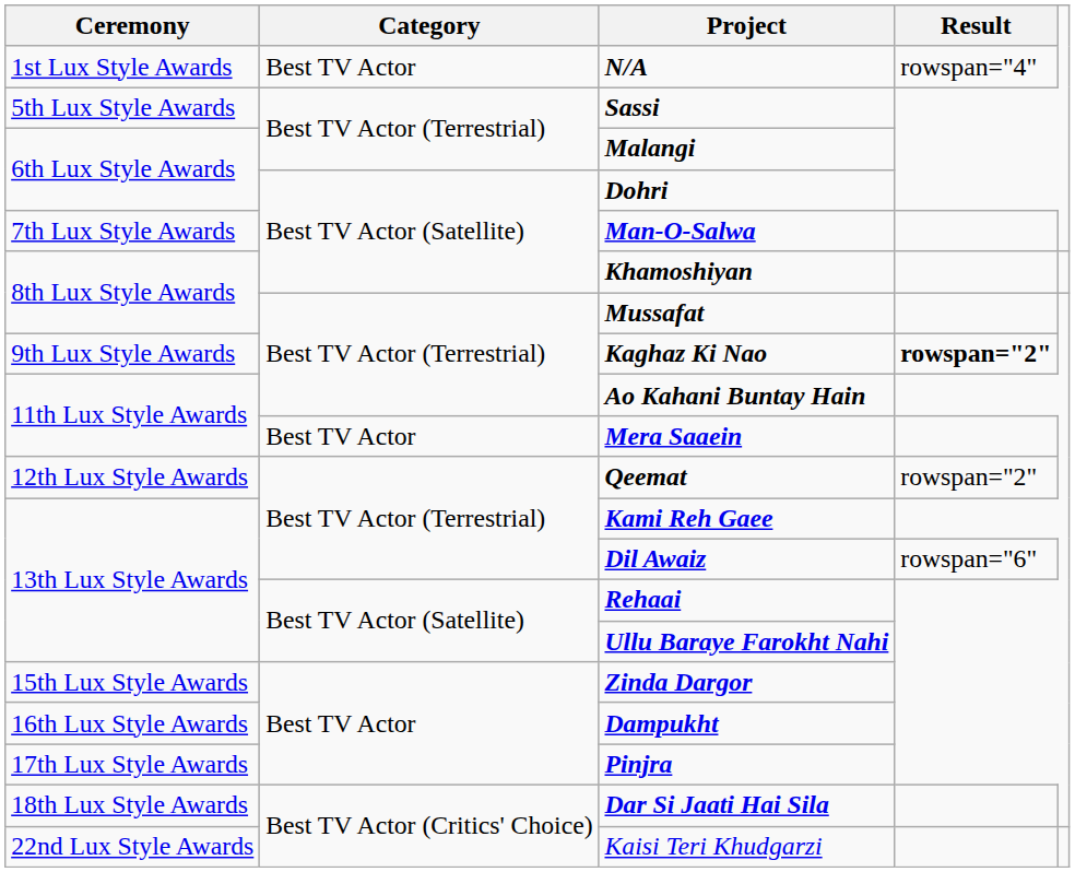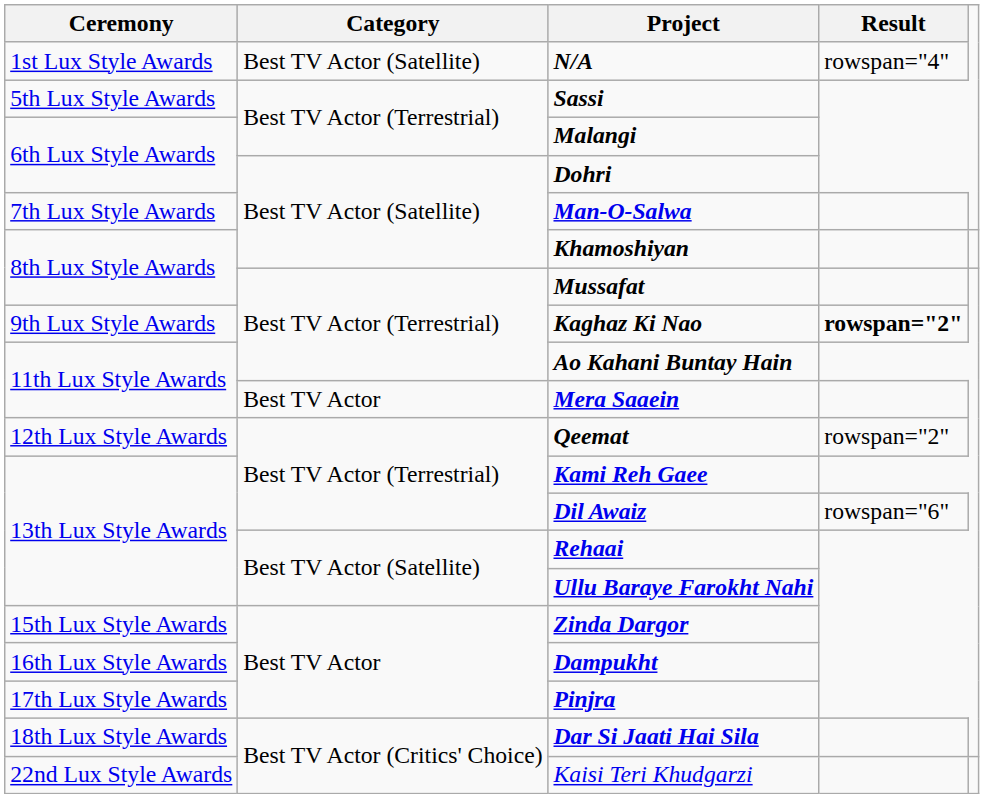 <table class="wikitable style">
 <tr>
 <th>Ceremony</th>
 <th>Category</th>
 <th>Project</th>
 <th>Result</th>
 </tr>
 <tr>
 <td><a href='#'>1st Lux Style Awards</a></td>
-<td>Best TV Actor</td>
+<td>Best TV Actor (Satellite)</td>
 <td><strong><em>N/A</em></strong></td>
 <td>rowspan="4" </td>
 </tr>
 <tr>
 <td><a href='#'>5th Lux Style Awards</a></td>
 <td rowspan="2">Best TV Actor (Terrestrial)</td>
 <td><strong><em>Sassi</em></strong></td>
 </tr>
 <tr>
 <td rowspan="2"><a href='#'>6th Lux Style Awards</a></td>
 <td><strong><em>Malangi</em></strong></td>
 </tr>
 <tr>
 <td rowspan="3">Best TV Actor (Satellite)</td>
 <td><strong><em>Dohri</em></strong></td>
 </tr>
 <tr>
 <td><a href='#'>7th Lux Style Awards</a></td>
 <td><strong><em><a href='#'>Man-O-Salwa</a></em></strong></td>
 <td></td>
 </tr>
 <tr>
 <td rowspan="2"><a href='#'>8th Lux Style Awards</a></td>
 <td><strong><em>Khamoshiyan</em></strong></td>
 <td></td>
 <td></td>
 </tr>
 <tr>
 <td rowspan="3">Best TV Actor (Terrestrial)</td>
 <td><strong><em>Mussafat</em></strong></td>
 <td></td>
 </tr>
 <tr>
 <td><a href='#'>9th Lux Style Awards</a></td>
 <td><strong><em>Kaghaz Ki Nao</em></strong></td>
 <td><strong>rowspan="2" </strong></td>
 </tr>
 <tr>
 <td rowspan="2"><a href='#'>11th Lux Style Awards</a></td>
 <td><strong><em>Ao Kahani Buntay Hain</em></strong></td>
 </tr>
 <tr>
 <td>Best TV Actor</td>
 <td><strong><em><a href='#'>Mera Saaein</a></em></strong></td>
 <td></td>
 </tr>
 <tr>
 <td><a href='#'>12th Lux Style Awards</a></td>
 <td rowspan="3">Best TV Actor (Terrestrial)</td>
 <td><strong><em>Qeemat</em></strong></td>
 <td>rowspan="2" </td>
 </tr>
 <tr>
 <td rowspan="4'"><a href='#'>13th Lux Style Awards</a></td>
 <td><strong><em><a href='#'>Kami Reh Gaee</a></em></strong></td>
 </tr>
 <tr>
 <td><strong><em><a href='#'>Dil Awaiz</a></em></strong></td>
 <td>rowspan="6" </td>
 </tr>
 <tr>
 <td rowspan="2">Best TV Actor (Satellite)</td>
 <td><strong><em><a href='#'>Rehaai</a></em></strong></td>
 </tr>
 <tr>
 <td><strong><em><a href='#'>Ullu Baraye Farokht Nahi</a></em></strong></td>
 </tr>
 <tr>
 <td><a href='#'>15th Lux Style Awards</a></td>
 <td rowspan="3">Best TV Actor</td>
 <td><strong><em><a href='#'>Zinda Dargor</a></em></strong></td>
 </tr>
 <tr>
 <td><a href='#'>16th Lux Style Awards</a></td>
 <td><strong><em><a href='#'>Dampukht</a></em></strong></td>
 </tr>
 <tr>
 <td><a href='#'>17th Lux Style Awards</a></td>
 <td><strong><em><a href='#'>Pinjra</a></em></strong></td>
 </tr>
 <tr>
 <td><a href='#'>18th Lux Style Awards</a></td>
 <td rowspan="2">Best TV Actor (Critics' Choice)</td>
 <td><strong><em><a href='#'>Dar Si Jaati Hai Sila</a></em></strong></td>
 <td></td>
 </tr>
 <tr>
 <td><a href='#'>22nd Lux Style Awards</a></td>
 <td><em><a href='#'>Kaisi Teri Khudgarzi</a></em></td>
 <td></td>
 <td></td>
 </tr>
 </table>
